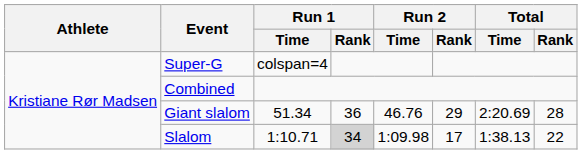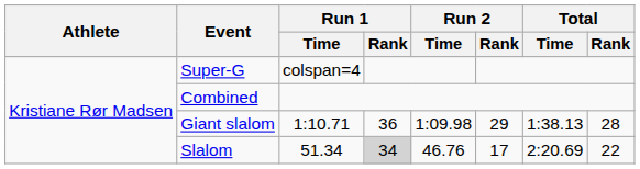 <table class="wikitable" style="font-size:90%">
 <tr>
 <th rowspan=2>Athlete</th>
 <th rowspan=2>Event</th>
 <th colspan=2>Run 1</th>
 <th colspan=2>Run 2</th>
 <th colspan=2>Total</th>
 </tr>
 <tr style="font-size:95%">
 <th>Time</th>
 <th>Rank</th>
 <th>Time</th>
 <th>Rank</th>
 <th>Time</th>
 <th>Rank</th>
 </tr>
 <tr align=center>
 <td align="left" rowspan="4"><a href='#'>Kristiane Rør Madsen</a></td>
 <td align="left"><a href='#'>Super-G</a></td>
 <td>colspan=4</td>
 <td colspan=2></td>
 </tr>
 <tr align=center>
 <td align="left"><a href='#'>Combined</a></td>
 <td colspan=6></td>
 </tr>
 <tr align=center>
 <td align="left"><a href='#'>Giant slalom</a></td>
-<td>51.34</td>
+<td>1:10.71</td>
 <td>36</td>
-<td>46.76</td>
+<td>1:09.98</td>
 <td>29</td>
-<td>2:20.69</td>
+<td>1:38.13</td>
 <td>28</td>
 </tr>
 <tr align=center>
 <td align="left"><a href='#'>Slalom</a></td>
-<td>1:10.71</td>
+<td>51.34</td>
 <td style="background: lightgrey;">34</td>
-<td>1:09.98</td>
+<td>46.76</td>
 <td>17</td>
-<td>1:38.13</td>
+<td>2:20.69</td>
 <td>22</td>
 </tr>
 </table>
